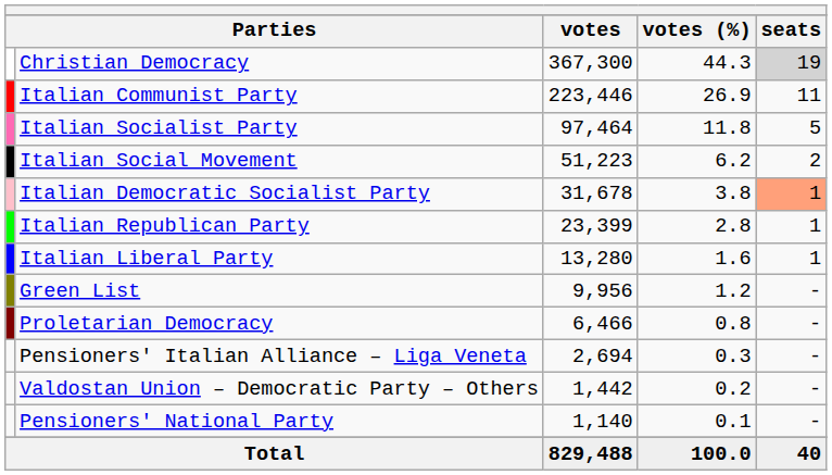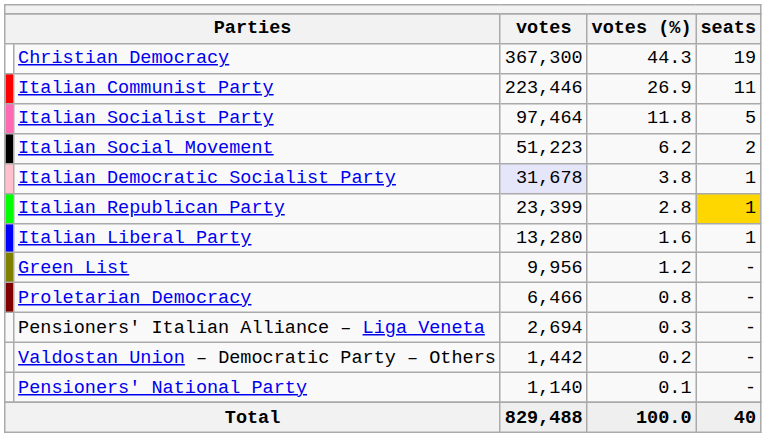 <table class="wikitable" style="font-size:95%">
 <tr>
 <th colspan=5></th>
 </tr>
 <tr>
 </tr>
 <tr bgcolor="EFEFEF">
 <th colspan=2>Parties</th>
 <th>votes</th>
 <th>votes (%)</th>
 <th>seats</th>
 </tr>
 <tr>
 <td bgcolor=White></td>
 <td><a href='#'>Christian Democracy</a></td>
 <td align=right>367,300</td>
 <td align=right>44.3</td>
-<td align=right style="background: lightgrey;">19</td>
+<td align=right>19</td>
 </tr>
 <tr>
 <td bgcolor=Red></td>
 <td><a href='#'>Italian Communist Party</a></td>
 <td align=right>223,446</td>
 <td align=right>26.9</td>
 <td align=right>11</td>
 </tr>
 <tr>
 <td bgcolor=Hotpink></td>
 <td><a href='#'>Italian Socialist Party</a></td>
 <td align=right>97,464</td>
 <td align=right>11.8</td>
 <td align=right>5</td>
 </tr>
 <tr>
 <td bgcolor=Black></td>
 <td><a href='#'>Italian Social Movement</a></td>
 <td align=right>51,223</td>
 <td align=right>6.2</td>
 <td align=right>2</td>
 </tr>
 <tr>
 <td bgcolor=Pink></td>
 <td><a href='#'>Italian Democratic Socialist Party</a></td>
-<td align=right>31,678</td>
+<td align=right style="background: lavender;">31,678</td>
 <td align=right>3.8</td>
-<td align=right style="background: lightsalmon;">1</td>
+<td align=right>1</td>
 </tr>
 <tr>
 <td bgcolor=Lime></td>
 <td><a href='#'>Italian Republican Party</a></td>
 <td align=right>23,399</td>
 <td align=right>2.8</td>
-<td align=right>1</td>
+<td align=right style="background: gold;">1</td>
 </tr>
 <tr>
 <td bgcolor=Blue></td>
 <td><a href='#'>Italian Liberal Party</a></td>
 <td align=right>13,280</td>
 <td align=right>1.6</td>
 <td align=right>1</td>
 </tr>
 <tr>
 <td bgcolor=Olive></td>
 <td><a href='#'>Green List</a></td>
 <td align=right>9,956</td>
 <td align=right>1.2</td>
 <td align=right>-</td>
 </tr>
 <tr>
 <td bgcolor=Maroon></td>
 <td><a href='#'>Proletarian Democracy</a></td>
 <td align=right>6,466</td>
 <td align=right>0.8</td>
 <td align=right>-</td>
 </tr>
 <tr>
 <td bgcolor=></td>
 <td>Pensioners' Italian Alliance – <a href='#'>Liga Veneta</a></td>
 <td align=right>2,694</td>
 <td align=right>0.3</td>
 <td align=right>-</td>
 </tr>
 <tr>
 <td bgcolor=></td>
 <td><a href='#'>Valdostan Union</a> – Democratic Party – Others</td>
 <td align=right>1,442</td>
 <td align=right>0.2</td>
 <td align=right>-</td>
 </tr>
 <tr>
 <td bgcolor=></td>
 <td><a href='#'>Pensioners' National Party</a></td>
 <td align=right>1,140</td>
 <td align=right>0.1</td>
 <td align=right>-</td>
 </tr>
 <tr>
 </tr>
 <tr bgcolor="EFEFEF">
 <th colspan=2><strong>Total</strong></th>
 <td align=right><strong>829,488</strong></td>
 <td align=right><strong>100.0</strong></td>
 <td align=right><strong>40</strong></td>
 </tr>
 </table>
